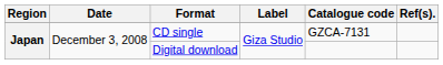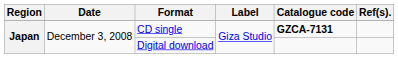 <table class="wikitable sortable plainrowheaders">
 <tr>
 <th scope="col">Region</th>
 <th scope="col">Date</th>
 <th scope="col">Format</th>
 <th scope="col">Label</th>
 <th>Catalogue code</th>
 <th scope="col">Ref(s).</th>
 </tr>
 <tr>
 </tr>
 <tr>
 <th scope="row" rowspan="2">Japan</th>
 <td rowspan="2">December 3, 2008</td>
 <td><a href='#'>CD single</a></td>
 <td rowspan="2"><a href='#'>Giza Studio</a></td>
-<td>GZCA-7131</td>
+<td><strong>GZCA-7131</strong></td>
 <td style="text-align:center;"></td>
 </tr>
 <tr>
 <td><a href='#'>Digital download</a></td>
 <td></td>
 <td style="text-align:center;"></td>
 </tr>
 </table>
